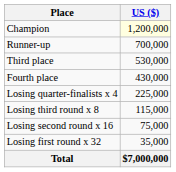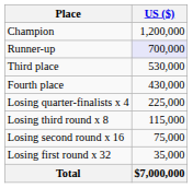 <table class="wikitable">
 <tr>
 <th>Place</th>
 <th><a href='#'>US ($)</a></th>
 </tr>
 <tr>
 <td>Champion</td>
-<td align=right style="background: lightyellow;">1,200,000</td>
+<td align=right>1,200,000</td>
 </tr>
 <tr>
 <td>Runner-up</td>
-<td align=right>700,000</td>
+<td align=right style="background: lavender;">700,000</td>
 </tr>
 <tr>
 <td>Third place</td>
 <td align=right>530,000</td>
 </tr>
 <tr>
 <td>Fourth place</td>
 <td align=right>430,000</td>
 </tr>
 <tr>
 <td>Losing quarter-finalists x 4</td>
 <td align=right>225,000</td>
 </tr>
 <tr>
 <td>Losing third round x 8</td>
 <td align=right>115,000</td>
 </tr>
 <tr>
 <td>Losing second round x 16</td>
 <td align=right>75,000</td>
 </tr>
 <tr>
 <td>Losing first round x 32</td>
 <td align=right>35,000</td>
 </tr>
 <tr>
 <th>Total</th>
 <th>$7,000,000</th>
 </tr>
 </table>
